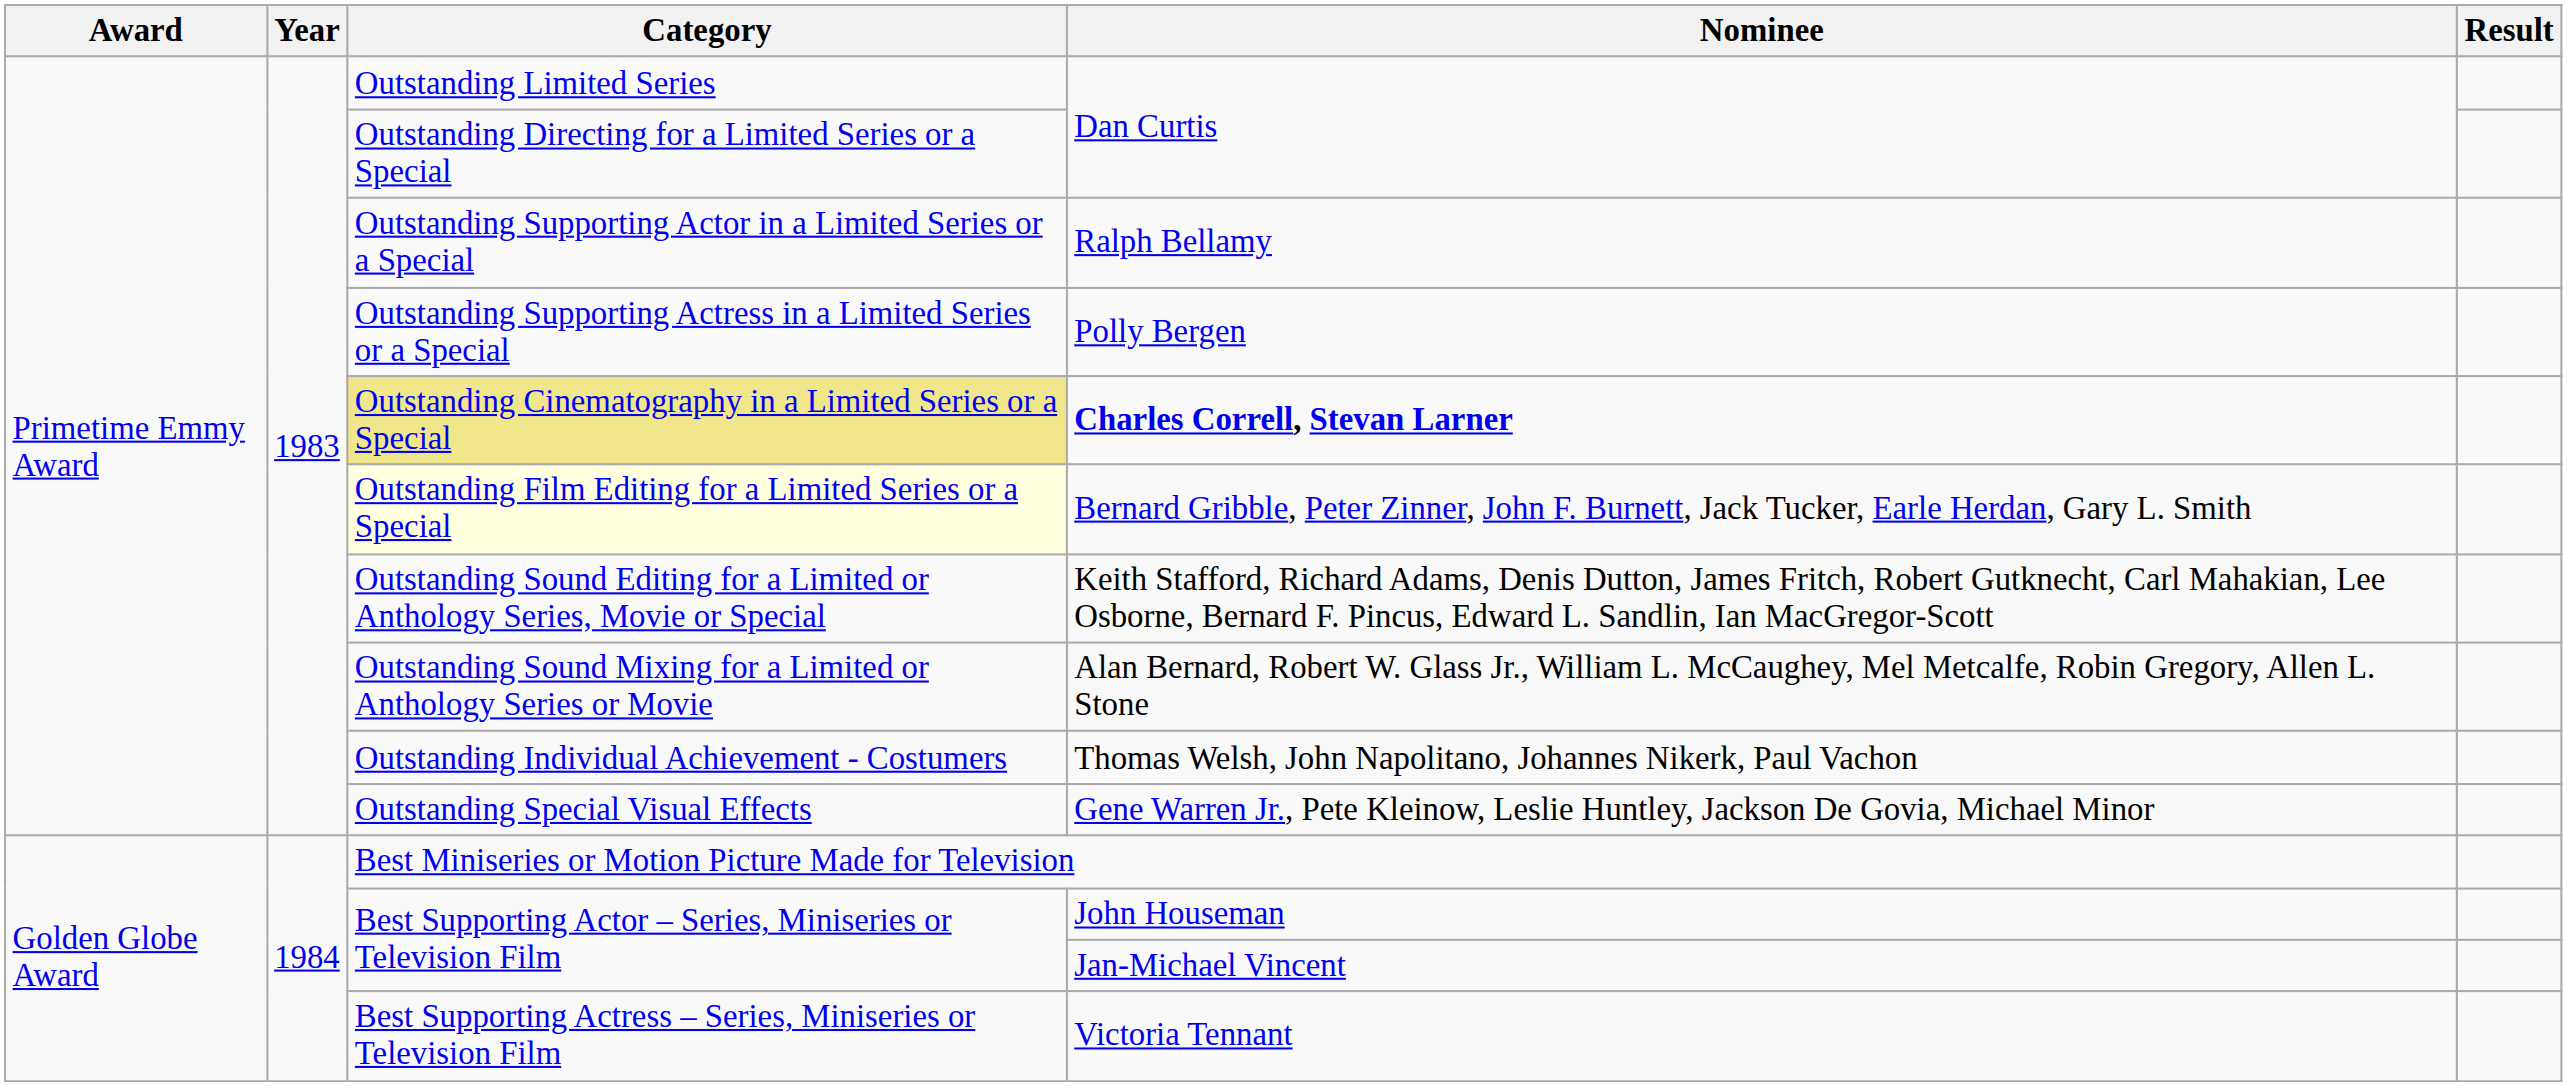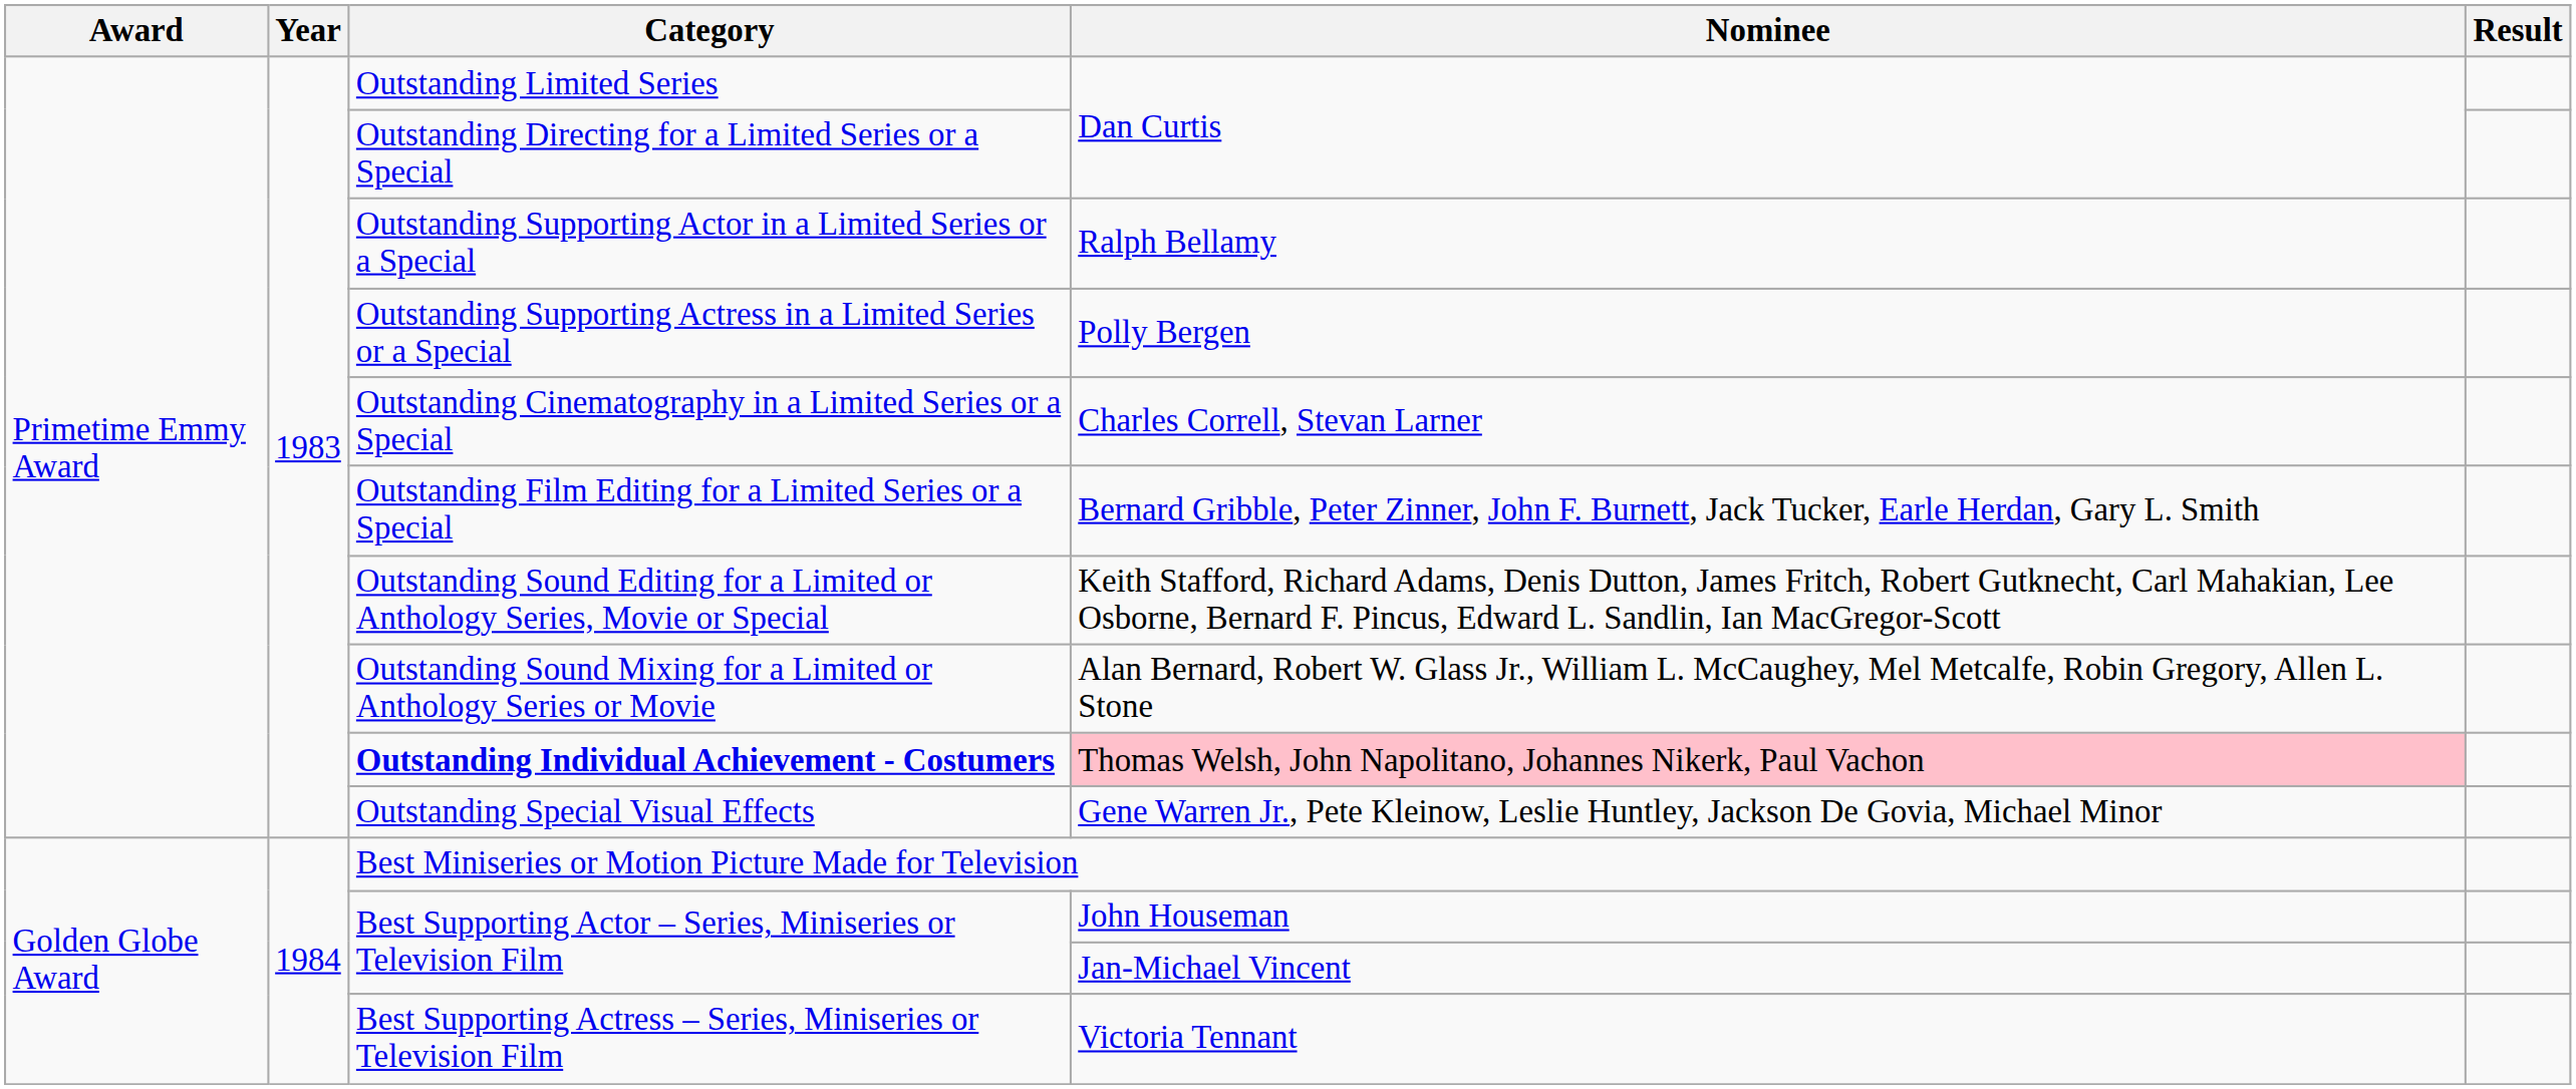 <table class="wikitable">
 <tr>
 <th>Award</th>
 <th>Year</th>
 <th>Category</th>
 <th>Nominee</th>
 <th>Result</th>
 </tr>
 <tr>
 <td rowspan="10"><a href='#'>Primetime Emmy Award</a></td>
 <td rowspan="10"><a href='#'>1983</a></td>
 <td><a href='#'>Outstanding Limited Series</a></td>
 <td rowspan="2"><a href='#'>Dan Curtis</a></td>
 <td></td>
 </tr>
 <tr>
 <td><a href='#'>Outstanding Directing for a Limited Series or a Special</a></td>
 <td></td>
 </tr>
 <tr>
 <td><a href='#'>Outstanding Supporting Actor in a Limited Series or a Special</a></td>
 <td><a href='#'>Ralph Bellamy</a></td>
 <td></td>
 </tr>
 <tr>
 <td><a href='#'>Outstanding Supporting Actress in a Limited Series or a Special</a></td>
 <td><a href='#'>Polly Bergen</a></td>
 <td></td>
 </tr>
 <tr>
-<td style="background: khaki;"><a href='#'>Outstanding Cinematography in a Limited Series or a Special</a></td>
-<td><strong><a href='#'>Charles Correll</a>, <a href='#'>Stevan Larner</a></strong></td>
+<td><a href='#'>Outstanding Cinematography in a Limited Series or a Special</a></td>
+<td><a href='#'>Charles Correll</a>, <a href='#'>Stevan Larner</a></td>
 <td></td>
 </tr>
 <tr>
-<td style="background: lightyellow;"><a href='#'>Outstanding Film Editing for a Limited Series or a Special</a></td>
+<td><a href='#'>Outstanding Film Editing for a Limited Series or a Special</a></td>
 <td><a href='#'>Bernard Gribble</a>, <a href='#'>Peter Zinner</a>, <a href='#'>John F. Burnett</a>, Jack Tucker, <a href='#'>Earle Herdan</a>, Gary L. Smith</td>
 <td></td>
 </tr>
 <tr>
 <td><a href='#'>Outstanding Sound Editing for a Limited or Anthology Series, Movie or Special</a></td>
 <td>Keith Stafford, Richard Adams, Denis Dutton, James Fritch, Robert Gutknecht, Carl Mahakian, Lee Osborne, Bernard F. Pincus, Edward L. Sandlin, Ian MacGregor-Scott</td>
 <td></td>
 </tr>
 <tr>
 <td><a href='#'>Outstanding Sound Mixing for a Limited or Anthology Series or Movie</a></td>
 <td>Alan Bernard, Robert W. Glass Jr., William L. McCaughey, Mel Metcalfe, Robin Gregory, Allen L. Stone</td>
 <td></td>
 </tr>
 <tr>
-<td><a href='#'>Outstanding Individual Achievement - Costumers</a></td>
-<td>Thomas Welsh, John Napolitano, Johannes Nikerk, Paul Vachon</td>
+<td><strong><a href='#'>Outstanding Individual Achievement - Costumers</a></strong></td>
+<td style="background: pink;">Thomas Welsh, John Napolitano, Johannes Nikerk, Paul Vachon</td>
 <td></td>
 </tr>
 <tr>
 <td><a href='#'>Outstanding Special Visual Effects</a></td>
 <td><a href='#'>Gene Warren Jr.</a>, Pete Kleinow, Leslie Huntley, Jackson De Govia, Michael Minor</td>
 <td></td>
 </tr>
 <tr>
 <td rowspan="4"><a href='#'>Golden Globe Award</a></td>
 <td rowspan="4"><a href='#'>1984</a></td>
 <td colspan="2"><a href='#'>Best Miniseries or Motion Picture Made for Television</a></td>
 <td></td>
 </tr>
 <tr>
 <td rowspan="2"><a href='#'>Best Supporting Actor – Series, Miniseries or Television Film</a></td>
 <td><a href='#'>John Houseman</a></td>
 <td></td>
 </tr>
 <tr>
 <td><a href='#'>Jan-Michael Vincent</a></td>
 <td></td>
 </tr>
 <tr>
 <td><a href='#'>Best Supporting Actress – Series, Miniseries or Television Film</a></td>
 <td><a href='#'>Victoria Tennant</a></td>
 <td></td>
 </tr>
 </table>
